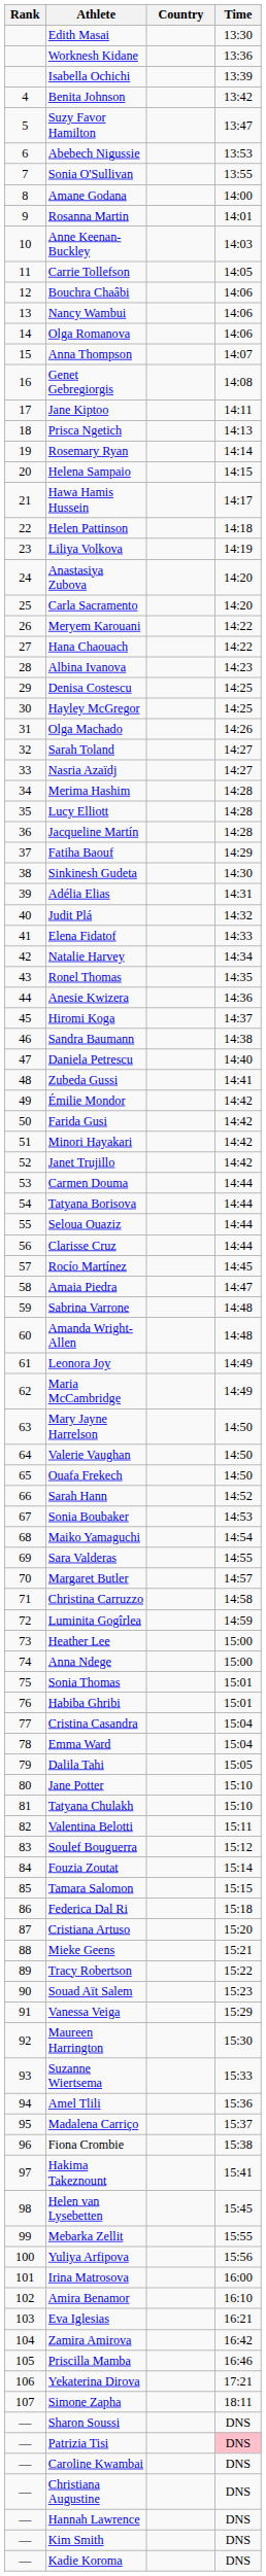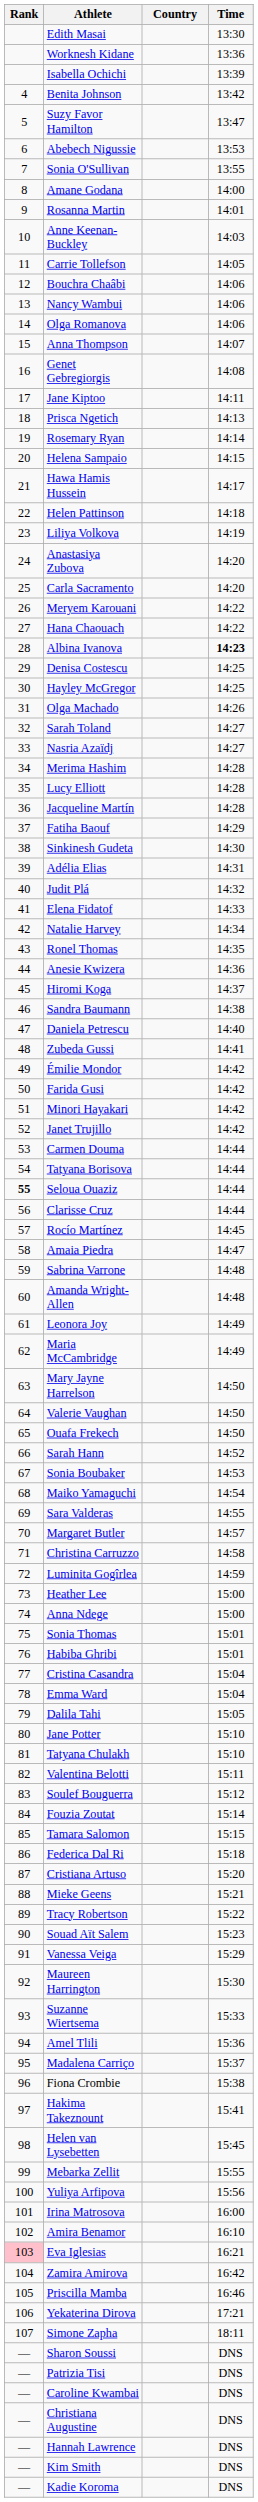 <table class="wikitable sortable" style=" text-align:center; font-size:95%;" width="50%">
 <tr>
 <th width=5%>Rank</th>
 <th width=20%>Athlete</th>
 <th width=15%>Country</th>
 <th width=10%>Time</th>
 </tr>
 <tr>
 <td align=center></td>
 <td align=left><a href='#'>Edith Masai</a></td>
 <td align=left></td>
 <td>13:30</td>
 </tr>
 <tr>
 <td align=center></td>
 <td align=left><a href='#'>Worknesh Kidane</a></td>
 <td align=left></td>
 <td>13:36</td>
 </tr>
 <tr>
 <td align=center></td>
 <td align=left><a href='#'>Isabella Ochichi</a></td>
 <td align=left></td>
 <td>13:39</td>
 </tr>
 <tr>
 <td align=center>4</td>
 <td align=left><a href='#'>Benita Johnson</a></td>
 <td align=left></td>
 <td>13:42</td>
 </tr>
 <tr>
 <td align=center>5</td>
 <td align=left><a href='#'>Suzy Favor Hamilton</a></td>
 <td align=left></td>
 <td>13:47</td>
 </tr>
 <tr>
 <td align=center>6</td>
 <td align=left><a href='#'>Abebech Nigussie</a></td>
 <td align=left></td>
 <td>13:53</td>
 </tr>
 <tr>
 <td align=center>7</td>
 <td align=left><a href='#'>Sonia O'Sullivan</a></td>
 <td align=left></td>
 <td>13:55</td>
 </tr>
 <tr>
 <td align=center>8</td>
 <td align=left><a href='#'>Amane Godana</a></td>
 <td align=left></td>
 <td>14:00</td>
 </tr>
 <tr>
 <td align=center>9</td>
 <td align=left><a href='#'>Rosanna Martin</a></td>
 <td align=left></td>
 <td>14:01</td>
 </tr>
 <tr>
 <td align=center>10</td>
 <td align=left><a href='#'>Anne Keenan-Buckley</a></td>
 <td align=left></td>
 <td>14:03</td>
 </tr>
 <tr>
 <td align=center>11</td>
 <td align=left><a href='#'>Carrie Tollefson</a></td>
 <td align=left></td>
 <td>14:05</td>
 </tr>
 <tr>
 <td align=center>12</td>
 <td align=left><a href='#'>Bouchra Chaâbi</a></td>
 <td align=left></td>
 <td>14:06</td>
 </tr>
 <tr>
 <td align=center>13</td>
 <td align=left><a href='#'>Nancy Wambui</a></td>
 <td align=left></td>
 <td>14:06</td>
 </tr>
 <tr>
 <td align=center>14</td>
 <td align=left><a href='#'>Olga Romanova</a></td>
 <td align=left></td>
 <td>14:06</td>
 </tr>
 <tr>
 <td align=center>15</td>
 <td align=left><a href='#'>Anna Thompson</a></td>
 <td align=left></td>
 <td>14:07</td>
 </tr>
 <tr>
 <td align=center>16</td>
 <td align=left><a href='#'>Genet Gebregiorgis</a></td>
 <td align=left></td>
 <td>14:08</td>
 </tr>
 <tr>
 <td align=center>17</td>
 <td align=left><a href='#'>Jane Kiptoo</a></td>
 <td align=left></td>
 <td>14:11</td>
 </tr>
 <tr>
 <td align=center>18</td>
 <td align=left><a href='#'>Prisca Ngetich</a></td>
 <td align=left></td>
 <td>14:13</td>
 </tr>
 <tr>
 <td align=center>19</td>
 <td align=left><a href='#'>Rosemary Ryan</a></td>
 <td align=left></td>
 <td>14:14</td>
 </tr>
 <tr>
 <td align=center>20</td>
 <td align=left><a href='#'>Helena Sampaio</a></td>
 <td align=left></td>
 <td>14:15</td>
 </tr>
 <tr>
 <td align=center>21</td>
 <td align=left><a href='#'>Hawa Hamis Hussein</a></td>
 <td align=left></td>
 <td>14:17</td>
 </tr>
 <tr>
 <td align=center>22</td>
 <td align=left><a href='#'>Helen Pattinson</a></td>
 <td align=left></td>
 <td>14:18</td>
 </tr>
 <tr>
 <td align=center>23</td>
 <td align=left><a href='#'>Liliya Volkova</a></td>
 <td align=left></td>
 <td>14:19</td>
 </tr>
 <tr>
 <td align=center>24</td>
 <td align=left><a href='#'>Anastasiya Zubova</a></td>
 <td align=left></td>
 <td>14:20</td>
 </tr>
 <tr>
 <td align=center>25</td>
 <td align=left><a href='#'>Carla Sacramento</a></td>
 <td align=left></td>
 <td>14:20</td>
 </tr>
 <tr>
 <td align=center>26</td>
 <td align=left><a href='#'>Meryem Karouani</a></td>
 <td align=left></td>
 <td>14:22</td>
 </tr>
 <tr>
 <td align=center>27</td>
 <td align=left><a href='#'>Hana Chaouach</a></td>
 <td align=left></td>
 <td>14:22</td>
 </tr>
 <tr>
 <td align=center>28</td>
 <td align=left><a href='#'>Albina Ivanova</a></td>
 <td align=left></td>
-<td>14:23</td>
+<td><strong>14:23</strong></td>
 </tr>
 <tr>
 <td align=center>29</td>
 <td align=left><a href='#'>Denisa Costescu</a></td>
 <td align=left></td>
 <td>14:25</td>
 </tr>
 <tr>
 <td align=center>30</td>
 <td align=left><a href='#'>Hayley McGregor</a></td>
 <td align=left></td>
 <td>14:25</td>
 </tr>
 <tr>
 <td align=center>31</td>
 <td align=left><a href='#'>Olga Machado</a></td>
 <td align=left></td>
 <td>14:26</td>
 </tr>
 <tr>
 <td align=center>32</td>
 <td align=left><a href='#'>Sarah Toland</a></td>
 <td align=left></td>
 <td>14:27</td>
 </tr>
 <tr>
 <td align=center>33</td>
 <td align=left><a href='#'>Nasria Azaïdj</a></td>
 <td align=left></td>
 <td>14:27</td>
 </tr>
 <tr>
 <td align=center>34</td>
 <td align=left><a href='#'>Merima Hashim</a></td>
 <td align=left></td>
 <td>14:28</td>
 </tr>
 <tr>
 <td align=center>35</td>
 <td align=left><a href='#'>Lucy Elliott</a></td>
 <td align=left></td>
 <td>14:28</td>
 </tr>
 <tr>
 <td align=center>36</td>
 <td align=left><a href='#'>Jacqueline Martín</a></td>
 <td align=left></td>
 <td>14:28</td>
 </tr>
 <tr>
 <td align=center>37</td>
 <td align=left><a href='#'>Fatiha Baouf</a></td>
 <td align=left></td>
 <td>14:29</td>
 </tr>
 <tr>
 <td align=center>38</td>
 <td align=left><a href='#'>Sinkinesh Gudeta</a></td>
 <td align=left></td>
 <td>14:30</td>
 </tr>
 <tr>
 <td align=center>39</td>
 <td align=left><a href='#'>Adélia Elias</a></td>
 <td align=left></td>
 <td>14:31</td>
 </tr>
 <tr>
 <td align=center>40</td>
 <td align=left><a href='#'>Judit Plá</a></td>
 <td align=left></td>
 <td>14:32</td>
 </tr>
 <tr>
 <td align=center>41</td>
 <td align=left><a href='#'>Elena Fidatof</a></td>
 <td align=left></td>
 <td>14:33</td>
 </tr>
 <tr>
 <td align=center>42</td>
 <td align=left><a href='#'>Natalie Harvey</a></td>
 <td align=left></td>
 <td>14:34</td>
 </tr>
 <tr>
 <td align=center>43</td>
 <td align=left><a href='#'>Ronel Thomas</a></td>
 <td align=left></td>
 <td>14:35</td>
 </tr>
 <tr>
 <td align=center>44</td>
 <td align=left><a href='#'>Anesie Kwizera</a></td>
 <td align=left></td>
 <td>14:36</td>
 </tr>
 <tr>
 <td align=center>45</td>
 <td align=left><a href='#'>Hiromi Koga</a></td>
 <td align=left></td>
 <td>14:37</td>
 </tr>
 <tr>
 <td align=center>46</td>
 <td align=left><a href='#'>Sandra Baumann</a></td>
 <td align=left></td>
 <td>14:38</td>
 </tr>
 <tr>
 <td align=center>47</td>
 <td align=left><a href='#'>Daniela Petrescu</a></td>
 <td align=left></td>
 <td>14:40</td>
 </tr>
 <tr>
 <td align=center>48</td>
 <td align=left><a href='#'>Zubeda Gussi</a></td>
 <td align=left></td>
 <td>14:41</td>
 </tr>
 <tr>
 <td align=center>49</td>
 <td align=left><a href='#'>Émilie Mondor</a></td>
 <td align=left></td>
 <td>14:42</td>
 </tr>
 <tr>
 <td align=center>50</td>
 <td align=left><a href='#'>Farida Gusi</a></td>
 <td align=left></td>
 <td>14:42</td>
 </tr>
 <tr>
 <td align=center>51</td>
 <td align=left><a href='#'>Minori Hayakari</a></td>
 <td align=left></td>
 <td>14:42</td>
 </tr>
 <tr>
 <td align=center>52</td>
 <td align=left><a href='#'>Janet Trujillo</a></td>
 <td align=left></td>
 <td>14:42</td>
 </tr>
 <tr>
 <td align=center>53</td>
 <td align=left><a href='#'>Carmen Douma</a></td>
 <td align=left></td>
 <td>14:44</td>
 </tr>
 <tr>
 <td align=center>54</td>
 <td align=left><a href='#'>Tatyana Borisova</a></td>
 <td align=left></td>
 <td>14:44</td>
 </tr>
 <tr>
-<td align=center>55</td>
+<td align=center><strong>55</strong></td>
 <td align=left><a href='#'>Seloua Ouaziz</a></td>
 <td align=left></td>
 <td>14:44</td>
 </tr>
 <tr>
 <td align=center>56</td>
 <td align=left><a href='#'>Clarisse Cruz</a></td>
 <td align=left></td>
 <td>14:44</td>
 </tr>
 <tr>
 <td align=center>57</td>
 <td align=left><a href='#'>Rocío Martínez</a></td>
 <td align=left></td>
 <td>14:45</td>
 </tr>
 <tr>
 <td align=center>58</td>
 <td align=left><a href='#'>Amaia Piedra</a></td>
 <td align=left></td>
 <td>14:47</td>
 </tr>
 <tr>
 <td align=center>59</td>
 <td align=left><a href='#'>Sabrina Varrone</a></td>
 <td align=left></td>
 <td>14:48</td>
 </tr>
 <tr>
 <td align=center>60</td>
 <td align=left><a href='#'>Amanda Wright-Allen</a></td>
 <td align=left></td>
 <td>14:48</td>
 </tr>
 <tr>
 <td align=center>61</td>
 <td align=left><a href='#'>Leonora Joy</a></td>
 <td align=left></td>
 <td>14:49</td>
 </tr>
 <tr>
 <td align=center>62</td>
 <td align=left><a href='#'>Maria McCambridge</a></td>
 <td align=left></td>
 <td>14:49</td>
 </tr>
 <tr>
 <td align=center>63</td>
 <td align=left><a href='#'>Mary Jayne Harrelson</a></td>
 <td align=left></td>
 <td>14:50</td>
 </tr>
 <tr>
 <td align=center>64</td>
 <td align=left><a href='#'>Valerie Vaughan</a></td>
 <td align=left></td>
 <td>14:50</td>
 </tr>
 <tr>
 <td align=center>65</td>
 <td align=left><a href='#'>Ouafa Frekech</a></td>
 <td align=left></td>
 <td>14:50</td>
 </tr>
 <tr>
 <td align=center>66</td>
 <td align=left><a href='#'>Sarah Hann</a></td>
 <td align=left></td>
 <td>14:52</td>
 </tr>
 <tr>
 <td align=center>67</td>
 <td align=left><a href='#'>Sonia Boubaker</a></td>
 <td align=left></td>
 <td>14:53</td>
 </tr>
 <tr>
 <td align=center>68</td>
 <td align=left><a href='#'>Maiko Yamaguchi</a></td>
 <td align=left></td>
 <td>14:54</td>
 </tr>
 <tr>
 <td align=center>69</td>
 <td align=left><a href='#'>Sara Valderas</a></td>
 <td align=left></td>
 <td>14:55</td>
 </tr>
 <tr>
 <td align=center>70</td>
 <td align=left><a href='#'>Margaret Butler</a></td>
 <td align=left></td>
 <td>14:57</td>
 </tr>
 <tr>
 <td align=center>71</td>
 <td align=left><a href='#'>Christina Carruzzo</a></td>
 <td align=left></td>
 <td>14:58</td>
 </tr>
 <tr>
 <td align=center>72</td>
 <td align=left><a href='#'>Luminita Gogîrlea</a></td>
 <td align=left></td>
 <td>14:59</td>
 </tr>
 <tr>
 <td align=center>73</td>
 <td align=left><a href='#'>Heather Lee</a></td>
 <td align=left></td>
 <td>15:00</td>
 </tr>
 <tr>
 <td align=center>74</td>
 <td align=left><a href='#'>Anna Ndege</a></td>
 <td align=left></td>
 <td>15:00</td>
 </tr>
 <tr>
 <td align=center>75</td>
 <td align=left><a href='#'>Sonia Thomas</a></td>
 <td align=left></td>
 <td>15:01</td>
 </tr>
 <tr>
 <td align=center>76</td>
 <td align=left><a href='#'>Habiba Ghribi</a></td>
 <td align=left></td>
 <td>15:01</td>
 </tr>
 <tr>
 <td align=center>77</td>
 <td align=left><a href='#'>Cristina Casandra</a></td>
 <td align=left></td>
 <td>15:04</td>
 </tr>
 <tr>
 <td align=center>78</td>
 <td align=left><a href='#'>Emma Ward</a></td>
 <td align=left></td>
 <td>15:04</td>
 </tr>
 <tr>
 <td align=center>79</td>
 <td align=left><a href='#'>Dalila Tahi</a></td>
 <td align=left></td>
 <td>15:05</td>
 </tr>
 <tr>
 <td align=center>80</td>
 <td align=left><a href='#'>Jane Potter</a></td>
 <td align=left></td>
 <td>15:10</td>
 </tr>
 <tr>
 <td align=center>81</td>
 <td align=left><a href='#'>Tatyana Chulakh</a></td>
 <td align=left></td>
 <td>15:10</td>
 </tr>
 <tr>
 <td align=center>82</td>
 <td align=left><a href='#'>Valentina Belotti</a></td>
 <td align=left></td>
 <td>15:11</td>
 </tr>
 <tr>
 <td align=center>83</td>
 <td align=left><a href='#'>Soulef Bouguerra</a></td>
 <td align=left></td>
 <td>15:12</td>
 </tr>
 <tr>
 <td align=center>84</td>
 <td align=left><a href='#'>Fouzia Zoutat</a></td>
 <td align=left></td>
 <td>15:14</td>
 </tr>
 <tr>
 <td align=center>85</td>
 <td align=left><a href='#'>Tamara Salomon</a></td>
 <td align=left></td>
 <td>15:15</td>
 </tr>
 <tr>
 <td align=center>86</td>
 <td align=left><a href='#'>Federica Dal Ri</a></td>
 <td align=left></td>
 <td>15:18</td>
 </tr>
 <tr>
 <td align=center>87</td>
 <td align=left><a href='#'>Cristiana Artuso</a></td>
 <td align=left></td>
 <td>15:20</td>
 </tr>
 <tr>
 <td align=center>88</td>
 <td align=left><a href='#'>Mieke Geens</a></td>
 <td align=left></td>
 <td>15:21</td>
 </tr>
 <tr>
 <td align=center>89</td>
 <td align=left><a href='#'>Tracy Robertson</a></td>
 <td align=left></td>
 <td>15:22</td>
 </tr>
 <tr>
 <td align=center>90</td>
 <td align=left><a href='#'>Souad Aït Salem</a></td>
 <td align=left></td>
 <td>15:23</td>
 </tr>
 <tr>
 <td align=center>91</td>
 <td align=left><a href='#'>Vanessa Veiga</a></td>
 <td align=left></td>
 <td>15:29</td>
 </tr>
 <tr>
 <td align=center>92</td>
 <td align=left><a href='#'>Maureen Harrington</a></td>
 <td align=left></td>
 <td>15:30</td>
 </tr>
 <tr>
 <td align=center>93</td>
 <td align=left><a href='#'>Suzanne Wiertsema</a></td>
 <td align=left></td>
 <td>15:33</td>
 </tr>
 <tr>
 <td align=center>94</td>
 <td align=left><a href='#'>Amel Tlili</a></td>
 <td align=left></td>
 <td>15:36</td>
 </tr>
 <tr>
 <td align=center>95</td>
 <td align=left><a href='#'>Madalena Carriço</a></td>
 <td align=left></td>
 <td>15:37</td>
 </tr>
 <tr>
 <td align=center>96</td>
 <td align=left>Fiona Crombie</td>
 <td align=left></td>
 <td>15:38</td>
 </tr>
 <tr>
 <td align=center>97</td>
 <td align=left><a href='#'>Hakima Takeznount</a></td>
 <td align=left></td>
 <td>15:41</td>
 </tr>
 <tr>
 <td align=center>98</td>
 <td align=left><a href='#'>Helen van Lysebetten</a></td>
 <td align=left></td>
 <td>15:45</td>
 </tr>
 <tr>
 <td align=center>99</td>
 <td align=left><a href='#'>Mebarka Zellit</a></td>
 <td align=left></td>
 <td>15:55</td>
 </tr>
 <tr>
 <td align=center>100</td>
 <td align=left><a href='#'>Yuliya Arfipova</a></td>
 <td align=left></td>
 <td>15:56</td>
 </tr>
 <tr>
 <td align=center>101</td>
 <td align=left><a href='#'>Irina Matrosova</a></td>
 <td align=left></td>
 <td>16:00</td>
 </tr>
 <tr>
 <td align=center>102</td>
 <td align=left><a href='#'>Amira Benamor</a></td>
 <td align=left></td>
 <td>16:10</td>
 </tr>
 <tr>
-<td align=center>103</td>
+<td align=center style="background: pink;">103</td>
 <td align=left><a href='#'>Eva Iglesias</a></td>
 <td align=left></td>
 <td>16:21</td>
 </tr>
 <tr>
 <td align=center>104</td>
 <td align=left><a href='#'>Zamira Amirova</a></td>
 <td align=left></td>
 <td>16:42</td>
 </tr>
 <tr>
 <td align=center>105</td>
 <td align=left><a href='#'>Priscilla Mamba</a></td>
 <td align=left></td>
 <td>16:46</td>
 </tr>
 <tr>
 <td align=center>106</td>
 <td align=left><a href='#'>Yekaterina Dirova</a></td>
 <td align=left></td>
 <td>17:21</td>
 </tr>
 <tr>
 <td align=center>107</td>
 <td align=left><a href='#'>Simone Zapha</a></td>
 <td align=left></td>
 <td>18:11</td>
 </tr>
 <tr>
 <td align=center>—</td>
 <td align=left><a href='#'>Sharon Soussi</a></td>
 <td align=left></td>
 <td>DNS</td>
 </tr>
 <tr>
 <td align=center>—</td>
 <td align=left><a href='#'>Patrizia Tisi</a></td>
 <td align=left></td>
-<td style="background: pink;">DNS</td>
+<td>DNS</td>
 </tr>
 <tr>
 <td align=center>—</td>
 <td align=left><a href='#'>Caroline Kwambai</a></td>
 <td align=left></td>
 <td>DNS</td>
 </tr>
 <tr>
 <td align=center>—</td>
 <td align=left><a href='#'>Christiana Augustine</a></td>
 <td align=left></td>
 <td>DNS</td>
 </tr>
 <tr>
 <td align=center>—</td>
 <td align=left><a href='#'>Hannah Lawrence</a></td>
 <td align=left></td>
 <td>DNS</td>
 </tr>
 <tr>
 <td align=center>—</td>
 <td align=left><a href='#'>Kim Smith</a></td>
 <td align=left></td>
 <td>DNS</td>
 </tr>
 <tr>
 <td align=center>—</td>
 <td align=left><a href='#'>Kadie Koroma</a></td>
 <td align=left></td>
 <td>DNS</td>
 </tr>
 </table>
